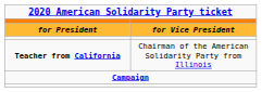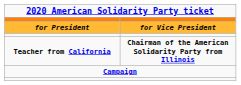 <table class="wikitable" style="font-size:90%; text-align:center;">
 <tr>
 <td colspan=2><big><strong><a href='#'>2020 American Solidarity Party ticket</a></strong></big></td>
 </tr>
 <tr>
 <th style="font-size:135%; background:#FF7F00"></th>
 <th style="font-size:135%; background:#FF7F00"></th>
 </tr>
 <tr style="color:#000; font-size:100%; background:#FFB932">
 <td><strong><em>for President</em></strong></td>
 <td><strong><em>for Vice President</em></strong></td>
 </tr>
 <tr>
 <td></td>
 <td></td>
 </tr>
 <tr>
 <td style=width:16em><strong>Teacher from <a href='#'>California</a></strong></td>
-<td style=width:16em>Chairman of the American Solidarity Party from <a href='#'>Illinois</a></td>
+<td style=width:16em><strong>Chairman of the American Solidarity Party from <a href='#'>Illinois</a></strong></td>
 </tr>
 <tr>
 <td colspan=2><a href='#'><strong>Campaign</strong></a></td>
 </tr>
 <tr>
 <td colspan=2></td>
 </tr>
 </table>
